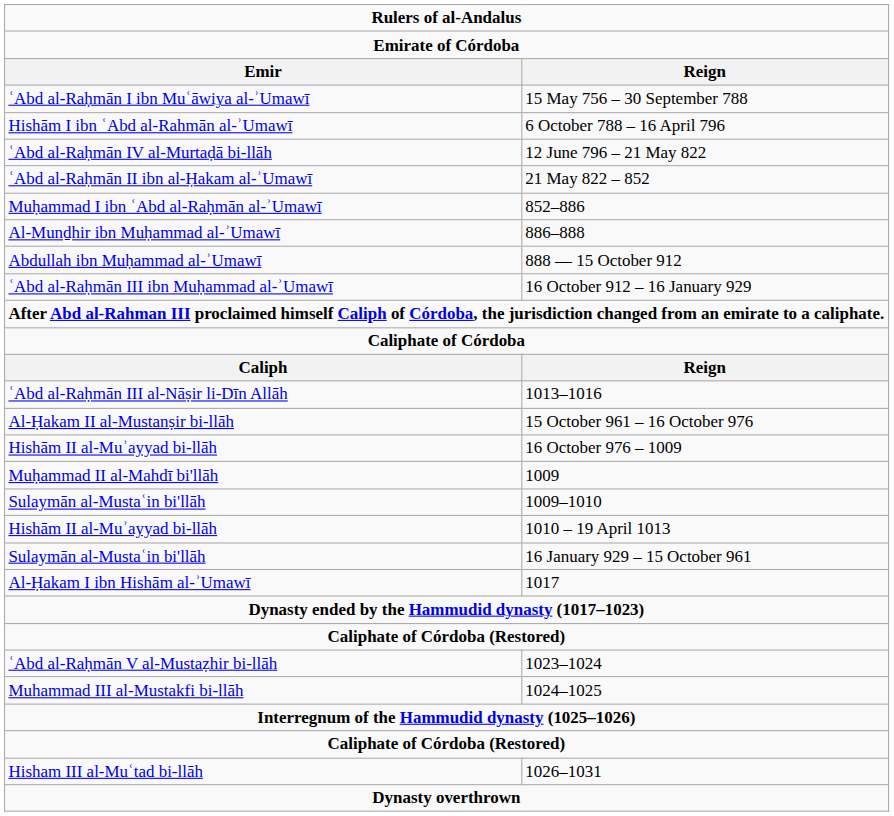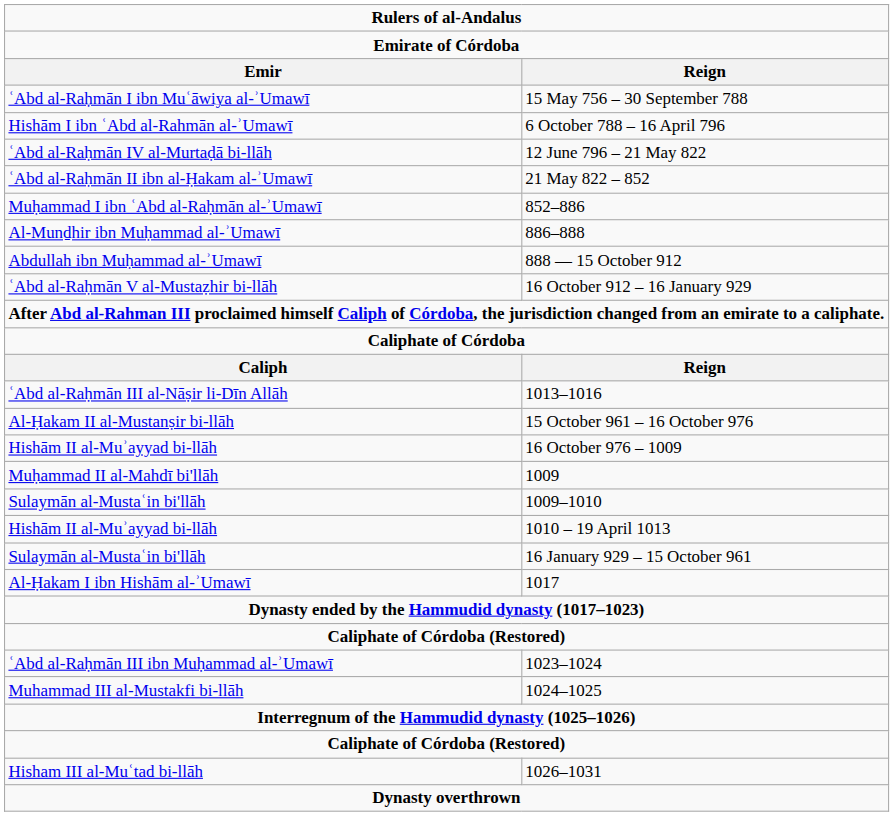 <table class="wikitable">
 <tr>
 <td colspan="2" style="text-align:center;"><strong>Rulers of al-Andalus</strong></td>
 </tr>
 <tr>
 <td colspan="2" style="text-align:center;"><strong>Emirate of Córdoba</strong></td>
 </tr>
 <tr>
 <th>Emir</th>
 <th>Reign</th>
 </tr>
 <tr>
 <td><a href='#'>ʿAbd al-Raḥmān I ibn Muʿāwiya al-ʾUmawī</a></td>
 <td>15 May 756 – 30 September 788</td>
 </tr>
 <tr>
 <td><a href='#'>Hishām I ibn ʿAbd al-Rahmān al-ʾUmawī</a></td>
 <td>6 October 788 – 16 April 796</td>
 </tr>
 <tr>
 <td><a href='#'>ʿAbd al-Raḥmān IV al-Murtaḍā bi-llāh</a></td>
 <td>12 June 796 – 21 May 822</td>
 </tr>
 <tr>
 <td><a href='#'>ʿAbd al-Raḥmān II ibn al-Ḥakam al-ʾUmawī</a></td>
 <td>21 May 822 – 852</td>
 </tr>
 <tr>
 <td><a href='#'>Muḥammad I ibn ʿAbd al-Raḥmān al-ʾUmawī</a></td>
 <td>852–886</td>
 </tr>
 <tr>
 <td><a href='#'>Al-Munḏhir ibn Muḥammad al-ʾUmawī</a></td>
 <td>886–888</td>
 </tr>
 <tr>
 <td><a href='#'>Abdullah ibn Muḥammad al-ʾUmawī</a></td>
 <td>888 — 15 October 912</td>
 </tr>
 <tr>
-<td><a href='#'>ʿAbd al-Raḥmān III ibn Muḥammad al-ʾUmawī</a></td>
+<td><a href='#'>ʿAbd al-Raḥmān V al-Mustaẓhir bi-llāh</a></td>
 <td>16 October 912 – 16 January 929</td>
 </tr>
 <tr>
 <td colspan="2" style="text-align:center;"><strong>After <a href='#'>Abd al-Rahman III</a> proclaimed himself <a href='#'>Caliph</a> of <a href='#'>Córdoba</a>, the jurisdiction changed from an emirate to a caliphate.</strong></td>
 </tr>
 <tr>
 <td colspan="2" style="text-align:center;"><strong>Caliphate of Córdoba</strong></td>
 </tr>
 <tr>
 <th>Caliph</th>
 <th>Reign</th>
 </tr>
 <tr>
 <td><a href='#'>ʿAbd al-Raḥmān III al-Nāṣir li-Dīn Allāh</a></td>
 <td>1013–1016</td>
 </tr>
 <tr>
 <td><a href='#'>Al-Ḥakam II al-Mustanṣir bi-llāh</a></td>
 <td>15 October 961 – 16 October 976</td>
 </tr>
 <tr>
 <td><a href='#'>Hishām II al-Muʾayyad bi-llāh</a></td>
 <td>16 October 976 – 1009</td>
 </tr>
 <tr>
 <td><a href='#'>Muḥammad II al-Mahdī bi'llāh</a></td>
 <td>1009</td>
 </tr>
 <tr>
 <td><a href='#'>Sulaymān al-Mustaʿin bi'llāh</a></td>
 <td>1009–1010</td>
 </tr>
 <tr>
 <td><a href='#'>Hishām II al-Muʾayyad bi-llāh</a></td>
 <td>1010 – 19 April 1013</td>
 </tr>
 <tr>
 <td><a href='#'>Sulaymān al-Mustaʿin bi'llāh</a></td>
 <td>16 January 929 – 15 October 961</td>
 </tr>
 <tr>
 <td><a href='#'>Al-Ḥakam I ibn Hishām al-ʾUmawī</a></td>
 <td>1017</td>
 </tr>
 <tr>
 <td colspan="2" style="text-align:center;"><strong>Dynasty ended by the <a href='#'>Hammudid dynasty</a> (1017–1023)</strong></td>
 </tr>
 <tr>
 <td colspan="2" style="text-align:center;"><strong>Caliphate of Córdoba (Restored)</strong></td>
 </tr>
 <tr>
-<td><a href='#'>ʿAbd al-Raḥmān V al-Mustaẓhir bi-llāh</a></td>
+<td><a href='#'>ʿAbd al-Raḥmān III ibn Muḥammad al-ʾUmawī</a></td>
 <td>1023–1024</td>
 </tr>
 <tr>
 <td><a href='#'>Muhammad III al-Mustakfi bi-llāh</a></td>
 <td>1024–1025</td>
 </tr>
 <tr>
 <td colspan="2" style="text-align:center;"><strong>Interregnum of the <a href='#'>Hammudid dynasty</a> (1025–1026)</strong></td>
 </tr>
 <tr>
 <td colspan="2" style="text-align:center;"><strong>Caliphate of Córdoba (Restored)</strong></td>
 </tr>
 <tr>
 <td><a href='#'>Hisham III al-Muʿtad bi-llāh</a></td>
 <td>1026–1031</td>
 </tr>
 <tr>
 <td colspan="2" style="text-align:center;"><strong>Dynasty overthrown</strong></td>
 </tr>
 </table>
